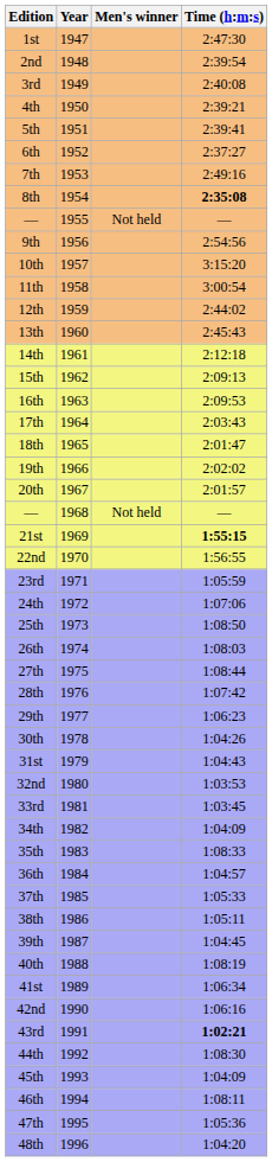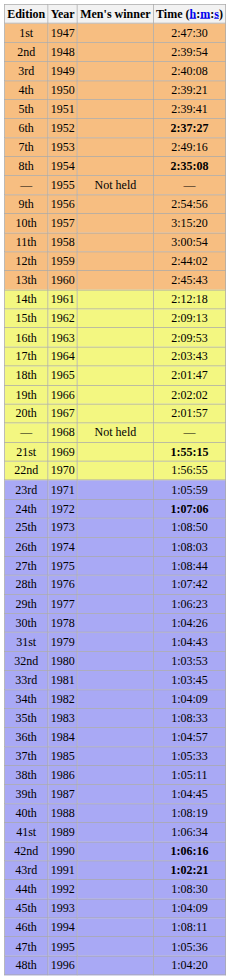 <table class="wikitable" style="text-align:center">
 <tr>
 <th>Edition</th>
 <th>Year</th>
 <th>Men's winner</th>
 <th>Time (<a href='#'>h</a>:<a href='#'>m</a>:<a href='#'>s</a>)</th>
 </tr>
 <tr bgcolor=#F7BE81>
 <td>1st</td>
 <td>1947</td>
 <td align=left></td>
 <td>2:47:30</td>
 </tr>
 <tr bgcolor=#F7BE81>
 <td>2nd</td>
 <td>1948</td>
 <td align=left></td>
 <td>2:39:54</td>
 </tr>
 <tr bgcolor=#F7BE81>
 <td>3rd</td>
 <td>1949</td>
 <td align=left></td>
 <td>2:40:08</td>
 </tr>
 <tr bgcolor=#F7BE81>
 <td>4th</td>
 <td>1950</td>
 <td align=left></td>
 <td>2:39:21</td>
 </tr>
 <tr bgcolor=#F7BE81>
 <td>5th</td>
 <td>1951</td>
 <td align=left></td>
 <td>2:39:41</td>
 </tr>
 <tr bgcolor=#F7BE81>
 <td>6th</td>
 <td>1952</td>
 <td align=left></td>
-<td>2:37:27</td>
+<td><strong>2:37:27</strong></td>
 </tr>
 <tr bgcolor=#F7BE81>
 <td>7th</td>
 <td>1953</td>
 <td align=left></td>
 <td>2:49:16</td>
 </tr>
 <tr bgcolor=#F7BE81>
 <td>8th</td>
 <td>1954</td>
 <td align=left></td>
 <td><strong>2:35:08</strong></td>
 </tr>
 <tr bgcolor=#F7BE81>
 <td align=center>—</td>
 <td>1955</td>
 <td align=center>Not held</td>
 <td align=center>—</td>
 </tr>
 <tr bgcolor=#F7BE81>
 <td>9th</td>
 <td>1956</td>
 <td align=left></td>
 <td>2:54:56</td>
 </tr>
 <tr bgcolor=#F7BE81>
 <td>10th</td>
 <td>1957</td>
 <td align=left></td>
 <td>3:15:20</td>
 </tr>
 <tr bgcolor=#F7BE81>
 <td>11th</td>
 <td>1958</td>
 <td align=left></td>
 <td>3:00:54</td>
 </tr>
 <tr bgcolor=#F7BE81>
 <td>12th</td>
 <td>1959</td>
 <td align=left></td>
 <td>2:44:02</td>
 </tr>
 <tr bgcolor=#F7BE81>
 <td>13th</td>
 <td>1960</td>
 <td align=left></td>
 <td>2:45:43</td>
 </tr>
 <tr bgcolor=#F3F781>
 <td>14th</td>
 <td>1961</td>
 <td align=left></td>
 <td>2:12:18</td>
 </tr>
 <tr bgcolor=#F3F781>
 <td>15th</td>
 <td>1962</td>
 <td align=left></td>
 <td>2:09:13</td>
 </tr>
 <tr bgcolor=#F3F781>
 <td>16th</td>
 <td>1963</td>
 <td align=left></td>
 <td>2:09:53</td>
 </tr>
 <tr bgcolor=#F3F781>
 <td>17th</td>
 <td>1964</td>
 <td align=left></td>
 <td>2:03:43</td>
 </tr>
 <tr bgcolor=#F3F781>
 <td>18th</td>
 <td>1965</td>
 <td align=left></td>
 <td>2:01:47</td>
 </tr>
 <tr bgcolor=#F3F781>
 <td>19th</td>
 <td>1966</td>
 <td align=left></td>
 <td>2:02:02</td>
 </tr>
 <tr bgcolor=#F3F781>
 <td>20th</td>
 <td>1967</td>
 <td align=left></td>
 <td>2:01:57</td>
 </tr>
 <tr bgcolor=#F3F781>
 <td align=center>—</td>
 <td>1968</td>
 <td align=center>Not held</td>
 <td align=center>—</td>
 </tr>
 <tr bgcolor=#F3F781>
 <td>21st</td>
 <td>1969</td>
 <td align=left></td>
 <td><strong>1:55:15</strong></td>
 </tr>
 <tr bgcolor=#F3F781>
 <td>22nd</td>
 <td>1970</td>
 <td align=left></td>
 <td>1:56:55</td>
 </tr>
 <tr bgcolor=#A9A9F5>
 <td>23rd</td>
 <td>1971</td>
 <td align=left></td>
 <td>1:05:59</td>
 </tr>
 <tr bgcolor=#A9A9F5>
 <td>24th</td>
 <td>1972</td>
 <td align=left></td>
-<td>1:07:06</td>
+<td><strong>1:07:06</strong></td>
 </tr>
 <tr bgcolor=#A9A9F5>
 <td>25th</td>
 <td>1973</td>
 <td align=left></td>
 <td>1:08:50</td>
 </tr>
 <tr bgcolor=#A9A9F5>
 <td>26th</td>
 <td>1974</td>
 <td align=left></td>
 <td>1:08:03</td>
 </tr>
 <tr bgcolor=#A9A9F5>
 <td>27th</td>
 <td>1975</td>
 <td align=left></td>
 <td>1:08:44</td>
 </tr>
 <tr bgcolor=#A9A9F5>
 <td>28th</td>
 <td>1976</td>
 <td align=left></td>
 <td>1:07:42</td>
 </tr>
 <tr bgcolor=#A9A9F5>
 <td>29th</td>
 <td>1977</td>
 <td align=left></td>
 <td>1:06:23</td>
 </tr>
 <tr bgcolor=#A9A9F5>
 <td>30th</td>
 <td>1978</td>
 <td align=left></td>
 <td>1:04:26</td>
 </tr>
 <tr bgcolor=#A9A9F5>
 <td>31st</td>
 <td>1979</td>
 <td align=left></td>
 <td>1:04:43</td>
 </tr>
 <tr bgcolor=#A9A9F5>
 <td>32nd</td>
 <td>1980</td>
 <td align=left></td>
 <td>1:03:53</td>
 </tr>
 <tr bgcolor=#A9A9F5>
 <td>33rd</td>
 <td>1981</td>
 <td align=left></td>
 <td>1:03:45</td>
 </tr>
 <tr bgcolor=#A9A9F5>
 <td>34th</td>
 <td>1982</td>
 <td align=left></td>
 <td>1:04:09</td>
 </tr>
 <tr bgcolor=#A9A9F5>
 <td>35th</td>
 <td>1983</td>
 <td align=left></td>
 <td>1:08:33</td>
 </tr>
 <tr bgcolor=#A9A9F5>
 <td>36th</td>
 <td>1984</td>
 <td align=left></td>
 <td>1:04:57</td>
 </tr>
 <tr bgcolor=#A9A9F5>
 <td>37th</td>
 <td>1985</td>
 <td align=left></td>
 <td>1:05:33</td>
 </tr>
 <tr bgcolor=#A9A9F5>
 <td>38th</td>
 <td>1986</td>
 <td align=left></td>
 <td>1:05:11</td>
 </tr>
 <tr bgcolor=#A9A9F5>
 <td>39th</td>
 <td>1987</td>
 <td align=left></td>
 <td>1:04:45</td>
 </tr>
 <tr bgcolor=#A9A9F5>
 <td>40th</td>
 <td>1988</td>
 <td align=left></td>
 <td>1:08:19</td>
 </tr>
 <tr bgcolor=#A9A9F5>
 <td>41st</td>
 <td>1989</td>
 <td align=left></td>
 <td>1:06:34</td>
 </tr>
 <tr bgcolor=#A9A9F5>
 <td>42nd</td>
 <td>1990</td>
 <td align=left></td>
-<td>1:06:16</td>
+<td><strong>1:06:16</strong></td>
 </tr>
 <tr bgcolor=#A9A9F5>
 <td>43rd</td>
 <td>1991</td>
 <td align=left></td>
 <td><strong>1:02:21</strong></td>
 </tr>
 <tr bgcolor=#A9A9F5>
 <td>44th</td>
 <td>1992</td>
 <td align=left></td>
 <td>1:08:30</td>
 </tr>
 <tr bgcolor=#A9A9F5>
 <td>45th</td>
 <td>1993</td>
 <td align=left></td>
 <td>1:04:09</td>
 </tr>
 <tr bgcolor=#A9A9F5>
 <td>46th</td>
 <td>1994</td>
 <td align=left></td>
 <td>1:08:11</td>
 </tr>
 <tr bgcolor=#A9A9F5>
 <td>47th</td>
 <td>1995</td>
 <td align=left></td>
 <td>1:05:36</td>
 </tr>
 <tr bgcolor=#A9A9F5>
 <td>48th</td>
 <td>1996</td>
 <td align=left></td>
 <td>1:04:20</td>
 </tr>
 </table>
